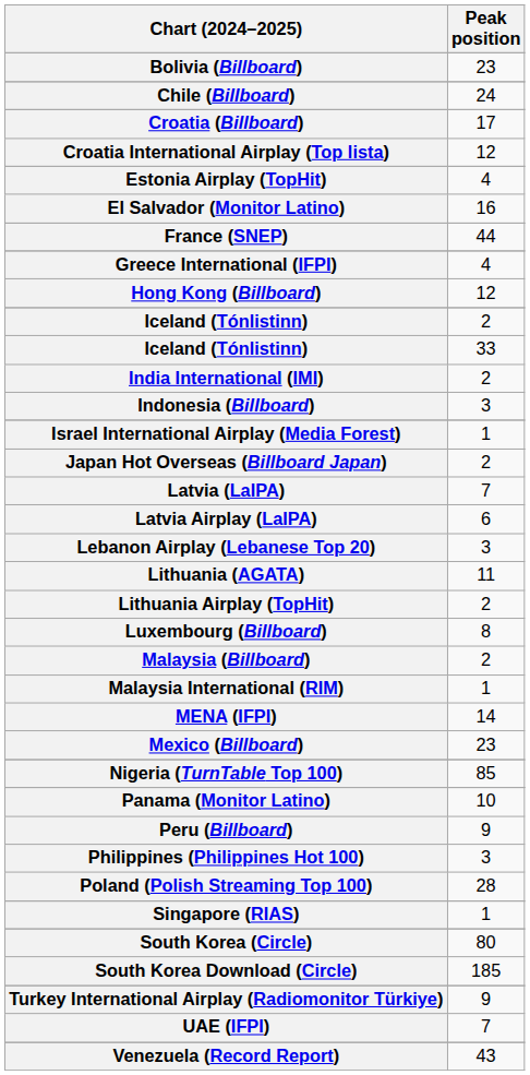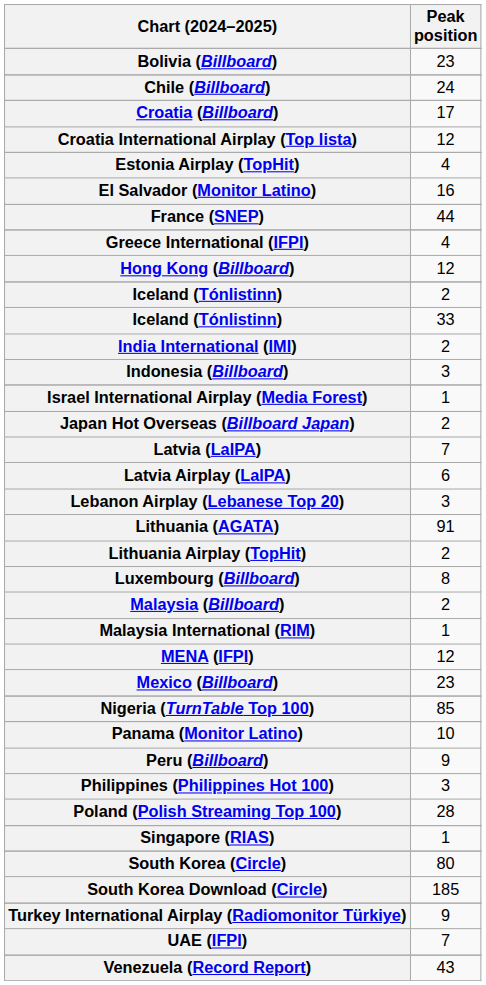 <table class="wikitable sortable plainrowheaders" style="text-align:center">
 <tr>
 <th scope="col">Chart (2024–2025)</th>
 <th scope="col">Peak<br>position</th>
 </tr>
 <tr>
 </tr>
 <tr>
 </tr>
 <tr>
 </tr>
 <tr>
 </tr>
 <tr>
 <th scope="row">Bolivia (<em><a href='#'>Billboard</a></em>)</th>
 <td>23</td>
 </tr>
 <tr>
 </tr>
 <tr>
 </tr>
 <tr>
 </tr>
 <tr>
 </tr>
 <tr>
 <th scope="row">Chile (<em><a href='#'>Billboard</a></em>)</th>
 <td>24</td>
 </tr>
 <tr>
 </tr>
 <tr>
 <th scope="row"><a href='#'>Croatia</a> (<em><a href='#'>Billboard</a></em>)</th>
 <td>17</td>
 </tr>
 <tr>
 <th scope="row">Croatia International Airplay (<a href='#'>Top lista</a>)</th>
 <td>12</td>
 </tr>
 <tr>
 </tr>
 <tr>
 </tr>
 <tr>
 <th scope="row">Estonia Airplay (<a href='#'>TopHit</a>)</th>
 <td>4</td>
 </tr>
 <tr>
 <th scope="row">El Salvador (<a href='#'>Monitor Latino</a>)</th>
 <td>16</td>
 </tr>
 <tr>
 </tr>
 <tr>
 <th scope="row">France (<a href='#'>SNEP</a>)</th>
 <td>44</td>
 </tr>
 <tr>
 </tr>
 <tr>
 </tr>
 <tr>
 <th scope="row">Greece International (<a href='#'>IFPI</a>)</th>
 <td>4</td>
 </tr>
 <tr>
 <th scope="row"><a href='#'>Hong Kong</a> (<em><a href='#'>Billboard</a></em>)</th>
 <td>12</td>
 </tr>
 <tr>
 </tr>
 <tr>
 <th scope="row">Iceland (<a href='#'>Tónlistinn</a>)</th>
 <td>2</td>
 </tr>
 <tr>
 <th scope="row">Iceland (<a href='#'>Tónlistinn</a>)<br></th>
 <td>33</td>
 </tr>
 <tr>
 <th scope="row"><a href='#'>India International</a> (<a href='#'>IMI</a>)</th>
 <td>2</td>
 </tr>
 <tr>
 <th scope="row">Indonesia (<em><a href='#'>Billboard</a></em>)</th>
 <td>3</td>
 </tr>
 <tr>
 </tr>
 <tr>
 <th scope="row">Israel International Airplay (<a href='#'>Media Forest</a>)</th>
 <td>1</td>
 </tr>
 <tr>
 </tr>
 <tr>
 <th scope="row">Japan Hot Overseas (<em><a href='#'>Billboard Japan</a></em>)</th>
 <td>2</td>
 </tr>
 <tr>
 <th scope="row">Latvia (<a href='#'>LaIPA</a>)</th>
 <td>7</td>
 </tr>
 <tr>
 <th scope="row">Latvia Airplay (<a href='#'>LaIPA</a>)</th>
 <td>6</td>
 </tr>
 <tr>
 <th scope="row">Lebanon Airplay (<a href='#'>Lebanese Top 20</a>)</th>
 <td>3</td>
 </tr>
 <tr>
 <th scope="row">Lithuania (<a href='#'>AGATA</a>)</th>
-<td>11</td>
+<td>91</td>
 </tr>
 <tr>
 <th scope="row">Lithuania Airplay (<a href='#'>TopHit</a>)</th>
 <td>2</td>
 </tr>
 <tr>
 <th scope="row">Luxembourg (<em><a href='#'>Billboard</a></em>)</th>
 <td>8</td>
 </tr>
 <tr>
 <th scope="row"><a href='#'>Malaysia</a> (<em><a href='#'>Billboard</a></em>)</th>
 <td>2</td>
 </tr>
 <tr>
 <th scope="row">Malaysia International (<a href='#'>RIM</a>)</th>
 <td>1</td>
 </tr>
 <tr>
 <th scope="row"><a href='#'>MENA</a> (<a href='#'>IFPI</a>)</th>
-<td>14</td>
+<td>12</td>
 </tr>
 <tr>
 <th scope="row"><a href='#'>Mexico</a> (<em><a href='#'>Billboard</a></em>)</th>
 <td>23</td>
 </tr>
 <tr>
 </tr>
 <tr>
 </tr>
 <tr>
 </tr>
 <tr>
 <th scope="row">Nigeria (<a href='#'><em>TurnTable</em> Top 100</a>)</th>
 <td>85</td>
 </tr>
 <tr>
 </tr>
 <tr>
 <th scope="row">Panama (<a href='#'>Monitor Latino</a>)</th>
 <td>10</td>
 </tr>
 <tr>
 <th scope="row">Peru (<em><a href='#'>Billboard</a></em>)</th>
 <td>9</td>
 </tr>
 <tr>
 <th scope="row">Philippines (<a href='#'>Philippines Hot 100</a>)</th>
 <td>3</td>
 </tr>
 <tr>
 <th scope="row">Poland (<a href='#'>Polish Streaming Top 100</a>)</th>
 <td>28</td>
 </tr>
 <tr>
 </tr>
 <tr>
 <th scope="row">Singapore (<a href='#'>RIAS</a>)</th>
 <td>1</td>
 </tr>
 <tr>
 </tr>
 <tr>
 </tr>
 <tr>
 </tr>
 <tr>
 <th scope="row">South Korea  (<a href='#'>Circle</a>)</th>
 <td>80</td>
 </tr>
 <tr>
 <th scope="row">South Korea Download (<a href='#'>Circle</a>)</th>
 <td>185</td>
 </tr>
 <tr>
 </tr>
 <tr>
 </tr>
 <tr>
 </tr>
 <tr>
 <th scope="row">Turkey International Airplay (<a href='#'>Radiomonitor Türkiye</a>)</th>
 <td>9</td>
 </tr>
 <tr>
 <th scope="row">UAE (<a href='#'>IFPI</a>)</th>
 <td>7</td>
 </tr>
 <tr>
 </tr>
 <tr>
 </tr>
 <tr>
 </tr>
 <tr>
 </tr>
 <tr>
 </tr>
 <tr>
 </tr>
 <tr>
 </tr>
 <tr>
 <th scope="row">Venezuela (<a href='#'>Record Report</a>)</th>
 <td>43</td>
 </tr>
 </table>
